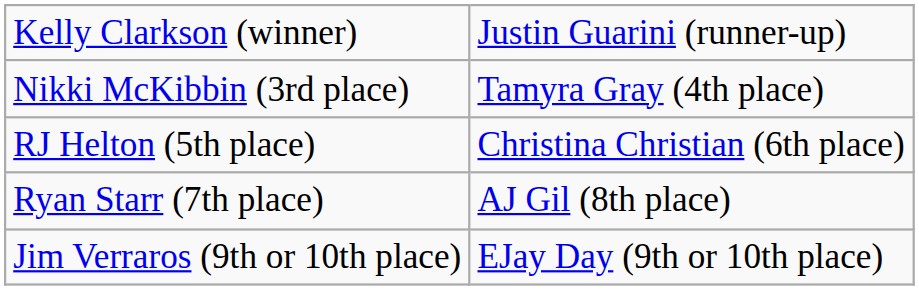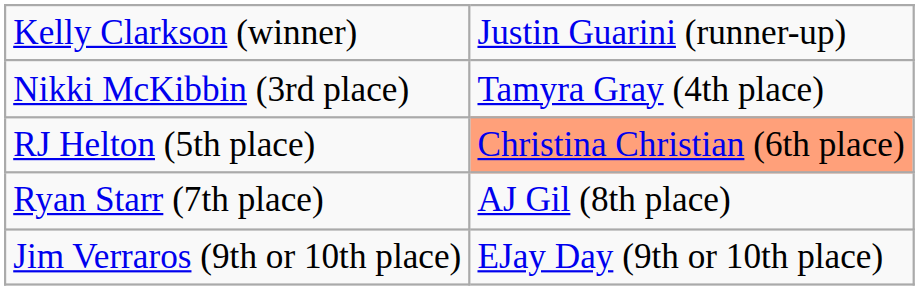 <table class="wikitable" align="center">
 <tr>
 <td><a href='#'>Kelly Clarkson</a> (winner)</td>
 <td><a href='#'>Justin Guarini</a> (runner-up)</td>
 </tr>
 <tr>
 <td><a href='#'>Nikki McKibbin</a> (3rd place)</td>
 <td><a href='#'>Tamyra Gray</a> (4th place)</td>
 </tr>
 <tr>
 <td><a href='#'>RJ Helton</a> (5th place)</td>
-<td><a href='#'>Christina Christian</a> (6th place)</td>
+<td style="background: lightsalmon;"><a href='#'>Christina Christian</a> (6th place)</td>
 </tr>
 <tr>
 <td><a href='#'>Ryan Starr</a> (7th place)</td>
 <td><a href='#'>AJ Gil</a> (8th place)</td>
 </tr>
 <tr>
 <td><a href='#'>Jim Verraros</a> (9th or 10th place)</td>
 <td><a href='#'>EJay Day</a> (9th or 10th place)</td>
 </tr>
 </table>
